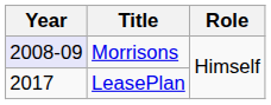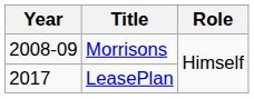 <table class="wikitable">
 <tr>
 <th>Year</th>
 <th>Title</th>
 <th>Role</th>
 </tr>
 <tr>
-<td style="background: lavender;">2008-09</td>
+<td>2008-09</td>
 <td><a href='#'>Morrisons</a></td>
 <td rowspan="2">Himself</td>
 </tr>
 <tr>
 <td>2017</td>
 <td><a href='#'>LeasePlan</a></td>
 </tr>
 </table>
